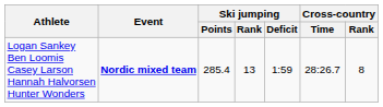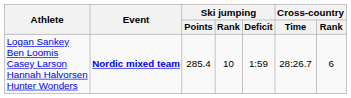 <table class="wikitable" style="font-size:90%">
 <tr>
 <th rowspan="2">Athlete</th>
 <th rowspan="2">Event</th>
 <th colspan="3">Ski jumping</th>
 <th colspan="2">Cross-country</th>
 </tr>
 <tr style="font-size:95%">
 <th>Points</th>
 <th>Rank</th>
 <th>Deficit</th>
 <th>Time</th>
 <th>Rank</th>
 </tr>
 <tr align=center>
 <td align=left><a href='#'>Logan Sankey</a><br><a href='#'>Ben Loomis</a><br><a href='#'>Casey Larson</a><br><a href='#'>Hannah Halvorsen</a><br><a href='#'>Hunter Wonders</a></td>
 <td align=left><strong><a href='#'>Nordic mixed team</a></strong></td>
 <td>285.4</td>
-<td>13</td>
+<td>10</td>
 <td>1:59</td>
 <td>28:26.7</td>
-<td>8</td>
+<td>6</td>
 </tr>
 </table>
